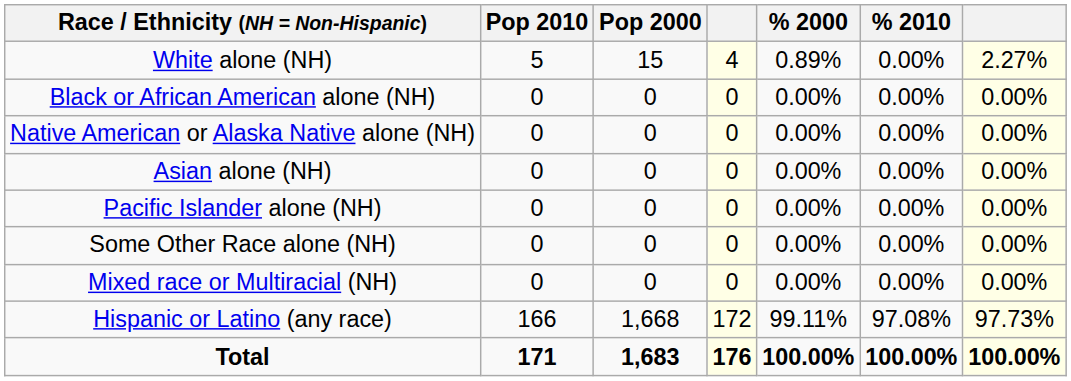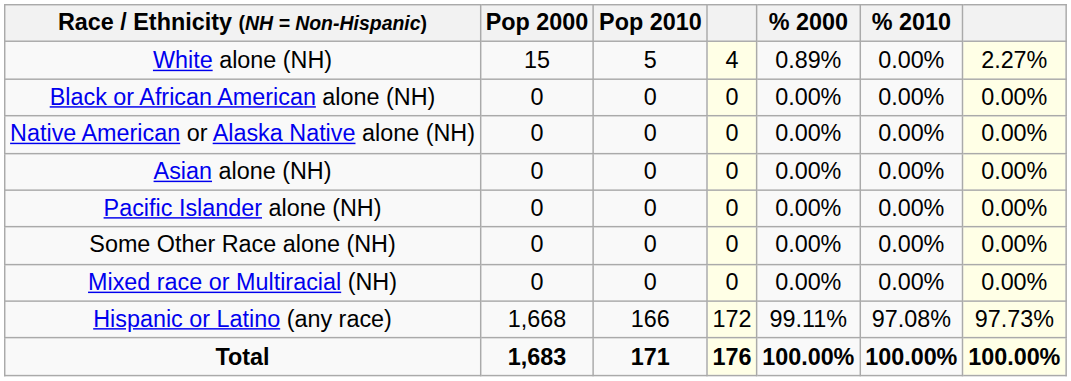 <table class="wikitable" style="text-align:center;">
 <tr>
 <th>Race / Ethnicity <small>(<em>NH = Non-Hispanic</em>)</small></th>
+<th>Pop 2000</th>
 <th>Pop 2010</th>
-<th>Pop 2000</th>
 <th></th>
 <th>% 2000</th>
 <th>% 2010</th>
 <th></th>
 </tr>
 <tr>
 <td><a href='#'>White</a> alone (NH)</td>
+<td>15</td>
 <td>5</td>
-<td>15</td>
 <td style='background: #ffffe6;'>4</td>
 <td>0.89%</td>
 <td>0.00%</td>
 <td style='background: #ffffe6;'>2.27%</td>
 </tr>
 <tr>
 <td><a href='#'>Black or African American</a> alone (NH)</td>
 <td>0</td>
 <td>0</td>
 <td style='background: #ffffe6;'>0</td>
 <td>0.00%</td>
 <td>0.00%</td>
 <td style='background: #ffffe6;'>0.00%</td>
 </tr>
 <tr>
 <td><a href='#'>Native American</a> or <a href='#'>Alaska Native</a> alone (NH)</td>
 <td>0</td>
 <td>0</td>
 <td style='background: #ffffe6;'>0</td>
 <td>0.00%</td>
 <td>0.00%</td>
 <td style='background: #ffffe6;'>0.00%</td>
 </tr>
 <tr>
 <td><a href='#'>Asian</a> alone (NH)</td>
 <td>0</td>
 <td>0</td>
 <td style='background: #ffffe6;'>0</td>
 <td>0.00%</td>
 <td>0.00%</td>
 <td style='background: #ffffe6;'>0.00%</td>
 </tr>
 <tr>
 <td><a href='#'>Pacific Islander</a> alone (NH)</td>
 <td>0</td>
 <td>0</td>
 <td style='background: #ffffe6;'>0</td>
 <td>0.00%</td>
 <td>0.00%</td>
 <td style='background: #ffffe6;'>0.00%</td>
 </tr>
 <tr>
 <td>Some Other Race alone (NH)</td>
 <td>0</td>
 <td>0</td>
 <td style='background: #ffffe6;'>0</td>
 <td>0.00%</td>
 <td>0.00%</td>
 <td style='background: #ffffe6;'>0.00%</td>
 </tr>
 <tr>
 <td><a href='#'>Mixed race or Multiracial</a> (NH)</td>
 <td>0</td>
 <td>0</td>
 <td style='background: #ffffe6;'>0</td>
 <td>0.00%</td>
 <td>0.00%</td>
 <td style='background: #ffffe6;'>0.00%</td>
 </tr>
 <tr>
 <td><a href='#'>Hispanic or Latino</a> (any race)</td>
+<td>1,668</td>
 <td>166</td>
-<td>1,668</td>
 <td style='background: #ffffe6;'>172</td>
 <td>99.11%</td>
 <td>97.08%</td>
 <td style='background: #ffffe6;'>97.73%</td>
 </tr>
 <tr>
 <td><strong>Total</strong></td>
+<td><strong>1,683</strong></td>
 <td><strong>171</strong></td>
-<td><strong>1,683</strong></td>
 <td style='background: #ffffe6;'><strong>176</strong></td>
 <td><strong>100.00%</strong></td>
 <td><strong>100.00%</strong></td>
 <td style='background: #ffffe6;'><strong>100.00%</strong></td>
 </tr>
 </table>
